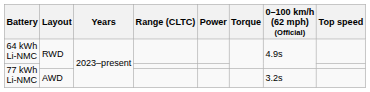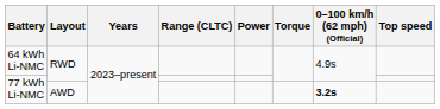 <table class="wikitable collapsible" style="text-align:left; font-size:90%;">
 <tr>
 <th>Battery</th>
 <th>Layout</th>
 <th>Years</th>
 <th>Range (CLTC)</th>
 <th>Power</th>
 <th>Torque</th>
 <th>0–100 km/h<br>(62 mph)<br><small>(Official)</small></th>
 <th>Top speed</th>
 </tr>
 <tr>
 <td>64 kWh<br>Li-NMC</td>
 <td rowspan="2">RWD</td>
 <td rowspan="3">2023–present</td>
 <td></td>
 <td></td>
 <td rowspan="2"></td>
 <td rowspan="2">4.9s</td>
 <td></td>
 </tr>
 <tr>
 <td rowspan="2">77 kWh<br>Li-NMC</td>
 <td></td>
 <td></td>
 <td></td>
 </tr>
 <tr>
 <td>AWD</td>
 <td></td>
 <td></td>
 <td></td>
-<td>3.2s</td>
+<td><strong>3.2s</strong></td>
 <td></td>
 </tr>
 </table>
